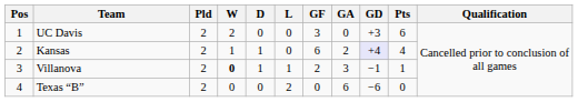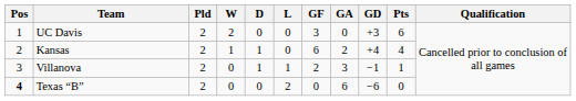 <table class="wikitable" style="text-align:center; margin: 1em auto">
 <tr>
 <th style="width:2em">Pos</th>
 <th style="width:13em">Team</th>
 <th style="width:2em">Pld</th>
 <th style="width:2em">W</th>
 <th style="width:2em">D</th>
 <th style="width:2em">L</th>
 <th style="width:2em">GF</th>
 <th style="width:2em">GA</th>
 <th style="width:2em">GD</th>
 <th style="width:2em">Pts</th>
 <th style="width:13em">Qualification</th>
 </tr>
 <tr>
 <td>1</td>
 <td style="text-align:left">UC Davis</td>
 <td>2</td>
 <td>2</td>
 <td>0</td>
 <td>0</td>
 <td>3</td>
 <td>0</td>
 <td>+3</td>
 <td>6</td>
 <td rowspan="4">Cancelled prior to conclusion of all games</td>
 </tr>
 <tr>
 <td>2</td>
 <td style="text-align:left">Kansas</td>
 <td>2</td>
 <td>1</td>
 <td>1</td>
 <td>0</td>
 <td>6</td>
 <td>2</td>
-<td style="background: lavender;">+4</td>
+<td>+4</td>
 <td>4</td>
 </tr>
 <tr>
 <td>3</td>
 <td style="text-align:left">Villanova</td>
 <td>2</td>
-<td><strong>0</strong></td>
+<td>0</td>
 <td>1</td>
 <td>1</td>
 <td>2</td>
 <td>3</td>
 <td>−1</td>
 <td>1</td>
 </tr>
 <tr>
-<td>4</td>
+<td><strong>4</strong></td>
 <td style="text-align:left">Texas “B”</td>
 <td>2</td>
 <td>0</td>
 <td>0</td>
 <td>2</td>
 <td>0</td>
 <td>6</td>
 <td>−6</td>
 <td>0</td>
 </tr>
 </table>
